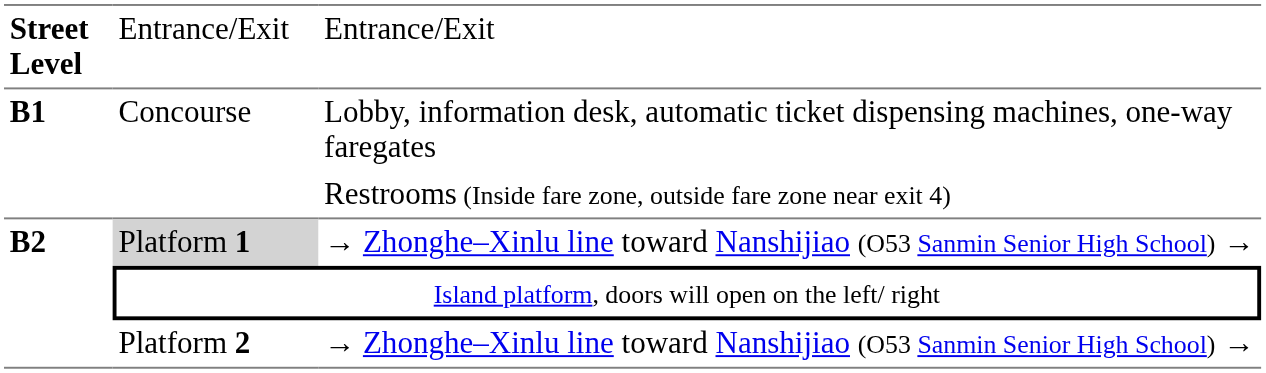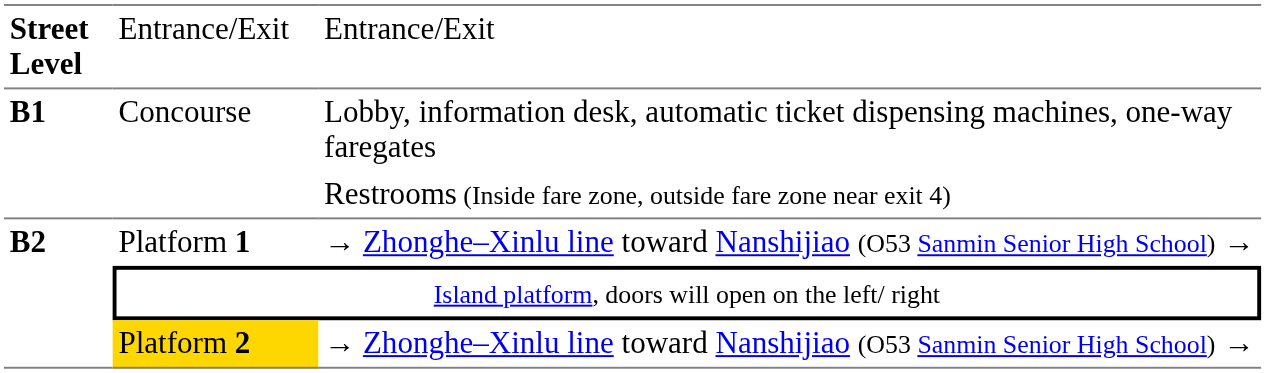 <table table border=0 cellspacing=0 cellpadding=3>
 <tr>
 <td style="border-bottom:solid 1px gray;border-top:solid 1px gray;" width=50 valign=top><strong>Street Level</strong></td>
 <td style="border-top:solid 1px gray;border-bottom:solid 1px gray;" width=100 valign=top>Entrance/Exit</td>
 <td style="border-top:solid 1px gray;border-bottom:solid 1px gray;" width=480 valign=top>Entrance/Exit</td>
 </tr>
 <tr>
 <td style="border-bottom:solid 1px gray;" rowspan=2 valign=top><strong>B1</strong></td>
 <td style="border-bottom:solid 1px gray;" rowspan=2 valign=top>Concourse</td>
 <td width=480>Lobby, information desk, automatic ticket dispensing machines, one-way faregates</td>
 </tr>
 <tr>
 <td style="border-bottom:solid 1px gray;">Restrooms<small> (Inside fare zone, outside fare zone near exit 4)</small></td>
 </tr>
 <tr>
 <td style="border-bottom:solid 1px gray;" rowspan=3 valign=top><strong>B2</strong></td>
-<td style="background: lightgrey;">Platform <span><strong>1</strong></span></td>
+<td>Platform <span><strong>1</strong></span></td>
 <td><span>→</span>  <a href='#'>Zhonghe–Xinlu line</a> toward <a href='#'>Nanshijiao</a> <small>(O53 <a href='#'>Sanmin Senior High School</a>)</small> →</td>
 </tr>
 <tr>
 <td style="border-top:solid 2px black;border-right:solid 2px black;border-left:solid 2px black;border-bottom:solid 2px black;text-align:center;" colspan=2><small><a href='#'>Island platform</a>, doors will open on the left/ right</small></td>
 </tr>
 <tr>
-<td style="border-bottom:solid 1px gray;">Platform <span><strong>2</strong></span></td>
+<td style="background: gold; border-bottom:solid 1px gray;">Platform <span><strong>2</strong></span></td>
 <td style="border-bottom:solid 1px gray;"><span>→</span>  <a href='#'>Zhonghe–Xinlu line</a> toward <a href='#'>Nanshijiao</a> <small>(O53 <a href='#'>Sanmin Senior High School</a>)</small> →</td>
 </tr>
 </table>
